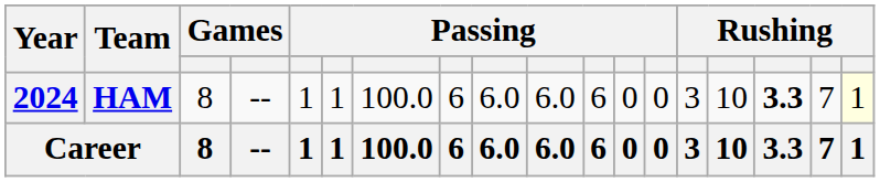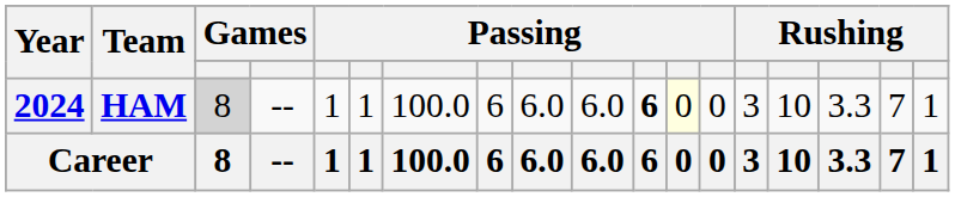 <table class="wikitable" style="text-align:center;">
 <tr>
 <th rowspan="2">Year</th>
 <th rowspan="2">Team</th>
 <th colspan="2">Games</th>
 <th colspan="9">Passing</th>
 <th colspan="5">Rushing</th>
 </tr>
 <tr>
 <th></th>
 <th></th>
 <th></th>
 <th></th>
 <th></th>
 <th></th>
 <th></th>
 <th></th>
 <th></th>
 <th></th>
 <th></th>
 <th></th>
 <th></th>
 <th></th>
 <th></th>
 <th></th>
 </tr>
 <tr>
 <th><a href='#'>2024</a></th>
 <th><a href='#'>HAM</a></th>
-<td>8</td>
+<td style="background: lightgrey;">8</td>
 <td>--</td>
 <td>1</td>
 <td>1</td>
 <td>100.0</td>
 <td>6</td>
 <td>6.0</td>
 <td>6.0</td>
-<td>6</td>
-<td>0</td>
+<td><strong>6</strong></td>
+<td style="background: lightyellow;">0</td>
 <td>0</td>
 <td>3</td>
 <td>10</td>
-<td><strong>3.3</strong></td>
+<td>3.3</td>
 <td>7</td>
-<td style="background: lightyellow;">1</td>
+<td>1</td>
 </tr>
 <tr>
 <th colspan="2">Career</th>
 <th>8</th>
 <th>--</th>
 <th>1</th>
 <th>1</th>
 <th>100.0</th>
 <th>6</th>
 <th>6.0</th>
 <th>6.0</th>
 <th>6</th>
 <th>0</th>
 <th>0</th>
 <th>3</th>
 <th>10</th>
 <th>3.3</th>
 <th>7</th>
 <th>1</th>
 </tr>
 </table>
